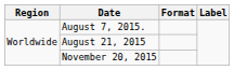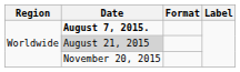 <table class="wikitable plainrowheaders">
 <tr>
 <th>Region</th>
 <th>Date</th>
 <th>Format</th>
 <th>Label</th>
 </tr>
 <tr>
 <td rowspan=3>Worldwide</td>
-<td>August 7, 2015.</td>
+<td><strong>August 7, 2015.</strong></td>
 <td rowspan=1></td>
 <td rowspan=3></td>
 </tr>
 <tr>
-<td>August 21, 2015</td>
+<td style="background: lightgrey;">August 21, 2015</td>
 <td rowspan=1></td>
 </tr>
 <tr>
 <td>November 20, 2015</td>
 <td rowspan=1></td>
 </tr>
 </table>
